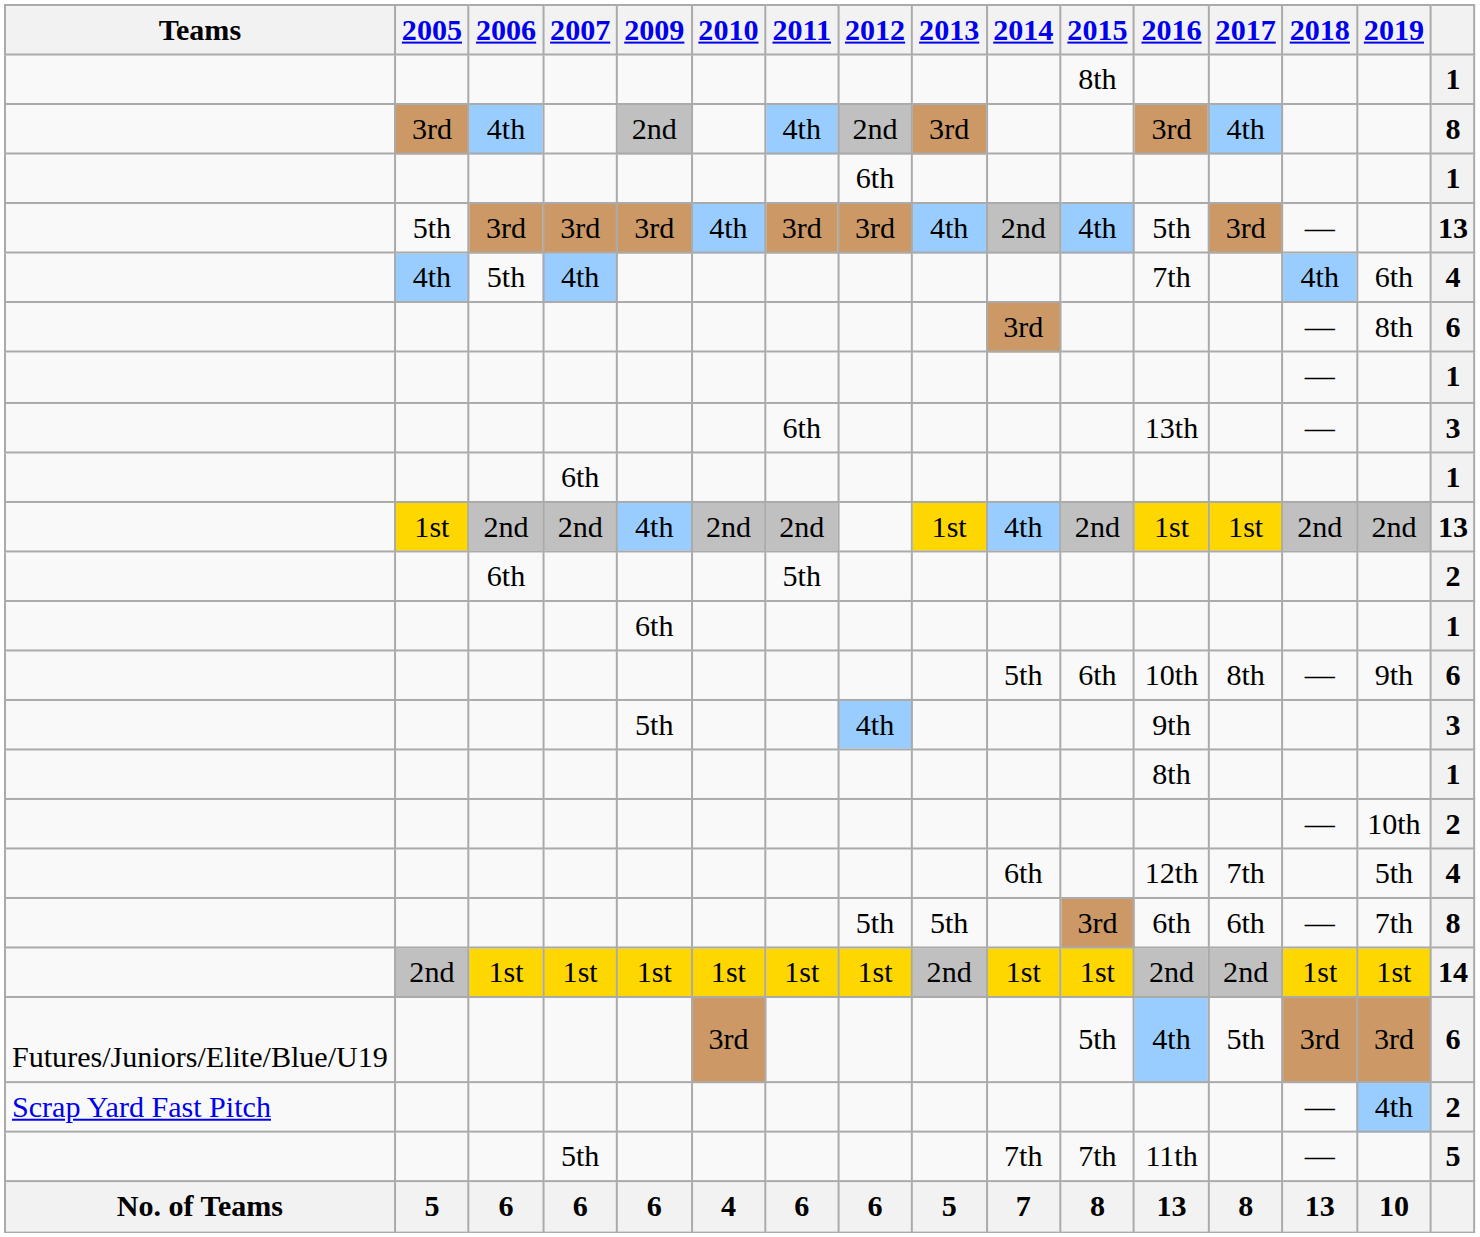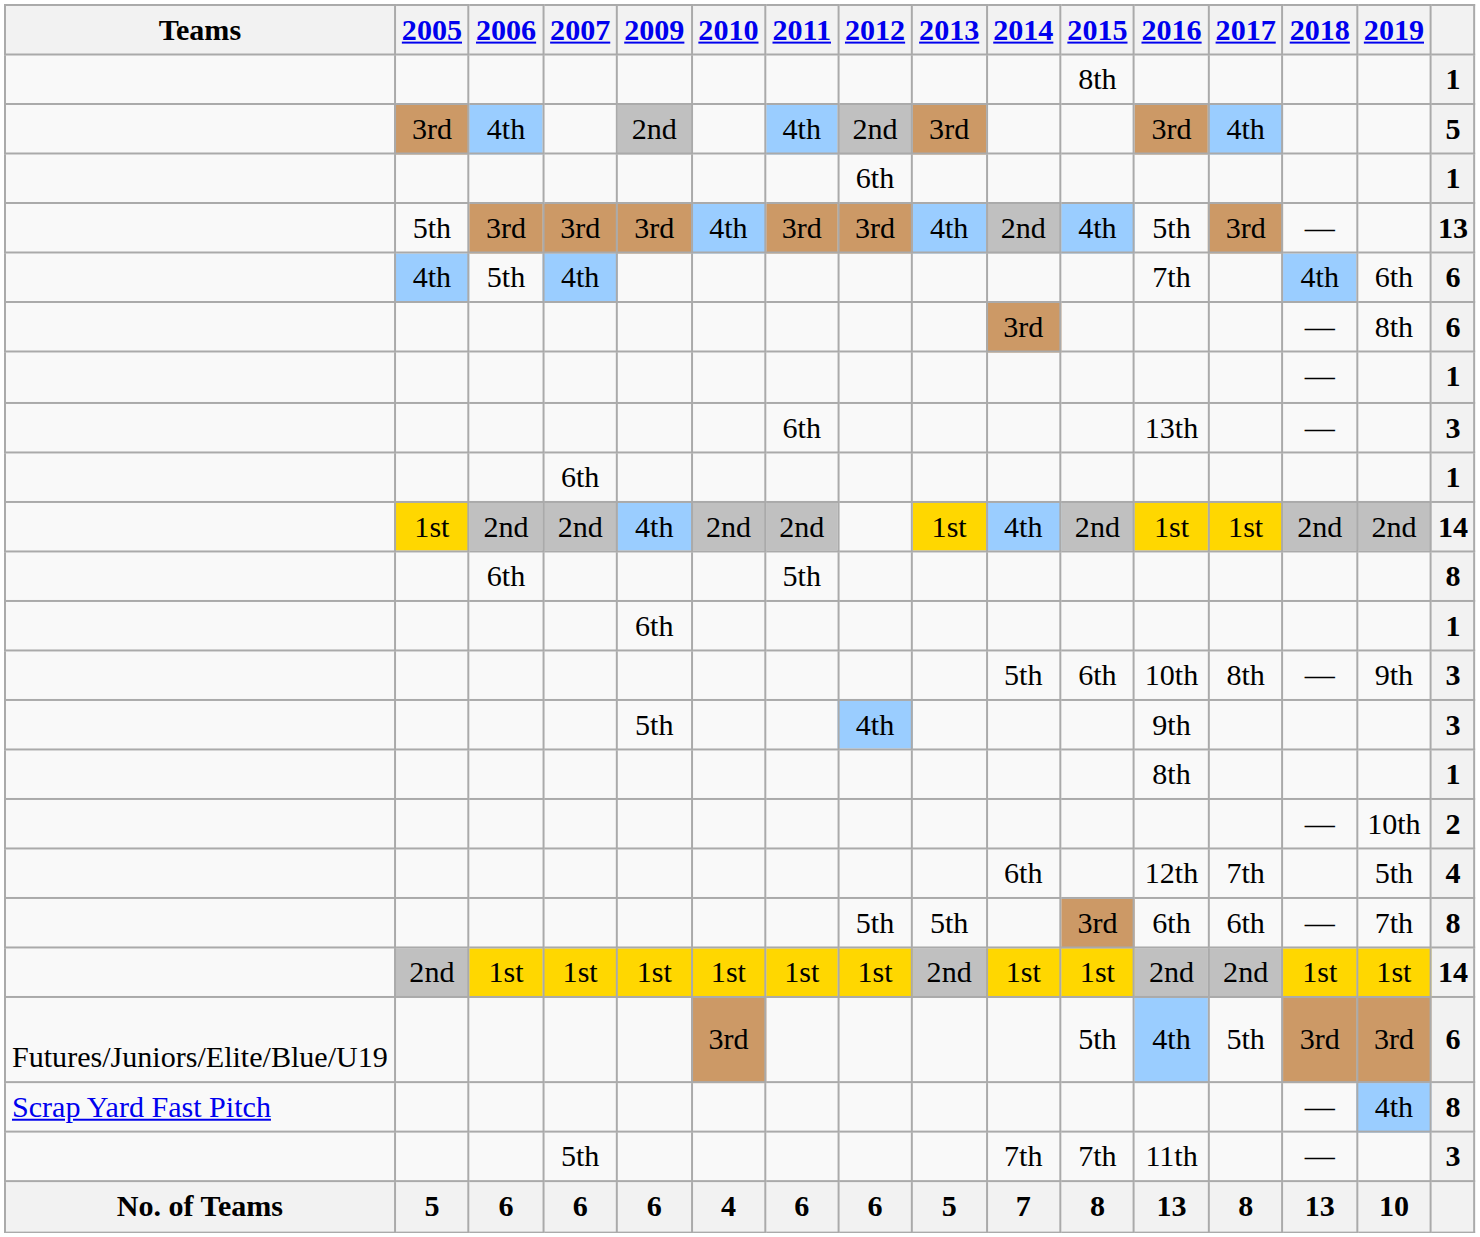 <table class="wikitable" style="font-size:95%; text-align: center;">
 <tr>
 <th>Teams</th>
 <th><a href='#'>2005</a></th>
 <th><a href='#'>2006</a></th>
 <th><a href='#'>2007</a></th>
 <th><a href='#'>2009</a></th>
 <th><a href='#'>2010</a></th>
 <th><a href='#'>2011</a></th>
 <th><a href='#'>2012</a></th>
 <th><a href='#'>2013</a></th>
 <th><a href='#'>2014</a></th>
 <th><a href='#'>2015</a></th>
 <th><a href='#'>2016</a></th>
 <th><a href='#'>2017</a></th>
 <th><a href='#'>2018</a></th>
 <th><a href='#'>2019</a></th>
 <th></th>
 </tr>
 <tr>
 <td align="left"></td>
 <td></td>
 <td></td>
 <td></td>
 <td></td>
 <td></td>
 <td></td>
 <td></td>
 <td></td>
 <td></td>
 <td>8th</td>
 <td></td>
 <td></td>
 <td></td>
 <td></td>
 <th>1</th>
 </tr>
 <tr>
 <td align="left"></td>
 <td style="background:#cc9966;">3rd</td>
 <td bgcolor="#9acdff">4th</td>
 <td></td>
 <td style="background:silver;">2nd</td>
 <td></td>
 <td bgcolor="#9acdff">4th</td>
 <td style="background:silver;">2nd</td>
 <td style="background:#cc9966;">3rd</td>
 <td></td>
 <td></td>
 <td style="background:#cc9966;">3rd</td>
 <td bgcolor="#9acdff">4th</td>
 <td></td>
 <td></td>
-<th>8</th>
+<th>5</th>
 </tr>
 <tr>
 <td align="left"></td>
 <td></td>
 <td></td>
 <td></td>
 <td></td>
 <td></td>
 <td></td>
 <td>6th</td>
 <td></td>
 <td></td>
 <td></td>
 <td></td>
 <td></td>
 <td></td>
 <td></td>
 <th>1</th>
 </tr>
 <tr>
 <td align="left"></td>
 <td>5th</td>
 <td style="background:#cc9966;">3rd</td>
 <td style="background:#cc9966;">3rd</td>
 <td style="background:#cc9966;">3rd</td>
 <td bgcolor="#9acdff">4th</td>
 <td style="background:#cc9966;">3rd</td>
 <td style="background:#cc9966;">3rd</td>
 <td bgcolor="#9acdff">4th</td>
 <td style="background:silver;">2nd</td>
 <td bgcolor="#9acdff">4th</td>
 <td>5th</td>
 <td style="background:#cc9966;">3rd</td>
 <td>—</td>
 <td></td>
 <th>13</th>
 </tr>
 <tr>
 <td align="left"></td>
 <td bgcolor="#9acdff">4th</td>
 <td>5th</td>
 <td bgcolor="#9acdff">4th</td>
 <td></td>
 <td></td>
 <td></td>
 <td></td>
 <td></td>
 <td></td>
 <td></td>
 <td>7th</td>
 <td></td>
 <td bgcolor="#9acdff">4th</td>
 <td>6th</td>
-<th>4</th>
+<th>6</th>
 </tr>
 <tr>
 <td align="left"></td>
 <td></td>
 <td></td>
 <td></td>
 <td></td>
 <td></td>
 <td></td>
 <td></td>
 <td></td>
 <td style="background:#cc9966;">3rd</td>
 <td></td>
 <td></td>
 <td></td>
 <td>—</td>
 <td>8th</td>
 <th>6</th>
 </tr>
 <tr>
 <td align="left"></td>
 <td></td>
 <td></td>
 <td></td>
 <td></td>
 <td></td>
 <td></td>
 <td></td>
 <td></td>
 <td></td>
 <td></td>
 <td></td>
 <td></td>
 <td>—</td>
 <td></td>
 <th>1</th>
 </tr>
 <tr>
 <td align="left"></td>
 <td></td>
 <td></td>
 <td></td>
 <td></td>
 <td></td>
 <td>6th</td>
 <td></td>
 <td></td>
 <td></td>
 <td></td>
 <td>13th</td>
 <td></td>
 <td>—</td>
 <td></td>
 <th>3</th>
 </tr>
 <tr>
 <td align="left"></td>
 <td></td>
 <td></td>
 <td>6th</td>
 <td></td>
 <td></td>
 <td></td>
 <td></td>
 <td></td>
 <td></td>
 <td></td>
 <td></td>
 <td></td>
 <td></td>
 <td></td>
 <th>1</th>
 </tr>
 <tr>
 <td align="left"></td>
 <td style="background:gold;">1st</td>
 <td style="background:silver;">2nd</td>
 <td style="background:silver;">2nd</td>
 <td bgcolor="#9acdff">4th</td>
 <td style="background:silver;">2nd</td>
 <td style="background:silver;">2nd</td>
 <td></td>
 <td style="background:gold;">1st</td>
 <td bgcolor="#9acdff">4th</td>
 <td style="background:silver;">2nd</td>
 <td style="background:gold;">1st</td>
 <td style="background:gold;">1st</td>
 <td style="background:silver;">2nd</td>
 <td style="background:silver;">2nd</td>
-<th>13</th>
+<th>14</th>
 </tr>
 <tr>
 <td align="left"></td>
 <td></td>
 <td>6th</td>
 <td></td>
 <td></td>
 <td></td>
 <td>5th</td>
 <td></td>
 <td></td>
 <td></td>
 <td></td>
 <td></td>
 <td></td>
 <td></td>
 <td></td>
-<th>2</th>
+<th>8</th>
 </tr>
 <tr>
 <td align="left"></td>
 <td></td>
 <td></td>
 <td></td>
 <td>6th</td>
 <td></td>
 <td></td>
 <td></td>
 <td></td>
 <td></td>
 <td></td>
 <td></td>
 <td></td>
 <td></td>
 <td></td>
 <th>1</th>
 </tr>
 <tr>
 <td align="left"></td>
 <td></td>
 <td></td>
 <td></td>
 <td></td>
 <td></td>
 <td></td>
 <td></td>
 <td></td>
 <td>5th</td>
 <td>6th</td>
 <td>10th</td>
 <td>8th</td>
 <td>—</td>
 <td>9th</td>
-<th>6</th>
+<th>3</th>
 </tr>
 <tr>
 <td align="left"></td>
 <td></td>
 <td></td>
 <td></td>
 <td>5th</td>
 <td></td>
 <td></td>
 <td bgcolor="#9acdff">4th</td>
 <td></td>
 <td></td>
 <td></td>
 <td>9th</td>
 <td></td>
 <td></td>
 <td></td>
 <th>3</th>
 </tr>
 <tr>
 <td align="left"></td>
 <td></td>
 <td></td>
 <td></td>
 <td></td>
 <td></td>
 <td></td>
 <td></td>
 <td></td>
 <td></td>
 <td></td>
 <td>8th</td>
 <td></td>
 <td></td>
 <td></td>
 <th>1</th>
 </tr>
 <tr>
 <td align="left"></td>
 <td></td>
 <td></td>
 <td></td>
 <td></td>
 <td></td>
 <td></td>
 <td></td>
 <td></td>
 <td></td>
 <td></td>
 <td></td>
 <td></td>
 <td>—</td>
 <td>10th</td>
 <th>2</th>
 </tr>
 <tr>
 <td align="left"></td>
 <td></td>
 <td></td>
 <td></td>
 <td></td>
 <td></td>
 <td></td>
 <td></td>
 <td></td>
 <td>6th</td>
 <td></td>
 <td>12th</td>
 <td>7th</td>
 <td></td>
 <td>5th</td>
 <th>4</th>
 </tr>
 <tr>
 <td align="left"></td>
 <td></td>
 <td></td>
 <td></td>
 <td></td>
 <td></td>
 <td></td>
 <td>5th</td>
 <td>5th</td>
 <td></td>
 <td style="background:#cc9966;">3rd</td>
 <td>6th</td>
 <td>6th</td>
 <td>—</td>
 <td>7th</td>
 <th>8</th>
 </tr>
 <tr>
 <td align="left"></td>
 <td style="background:silver;">2nd</td>
 <td style="background:gold;">1st</td>
 <td style="background:gold;">1st</td>
 <td style="background:gold;">1st</td>
 <td style="background:gold;">1st</td>
 <td style="background:gold;">1st</td>
 <td style="background:gold;">1st</td>
 <td style="background:silver;">2nd</td>
 <td style="background:gold;">1st</td>
 <td style="background:gold;">1st</td>
 <td style="background:silver;">2nd</td>
 <td style="background:silver;">2nd</td>
 <td style="background:gold;">1st</td>
 <td style="background:gold;">1st</td>
 <th>14</th>
 </tr>
 <tr>
 <td align="left"><br>Futures/Juniors/Elite/Blue/U19</td>
 <td></td>
 <td></td>
 <td></td>
 <td></td>
 <td style="background:#cc9966;">3rd</td>
 <td></td>
 <td></td>
 <td></td>
 <td></td>
 <td>5th</td>
 <td bgcolor="#9acdff">4th</td>
 <td>5th</td>
 <td style="background:#cc9966;">3rd</td>
 <td style="background:#cc9966;">3rd</td>
 <th>6</th>
 </tr>
 <tr>
 <td align="left"> <a href='#'>Scrap Yard Fast Pitch</a></td>
 <td></td>
 <td></td>
 <td></td>
 <td></td>
 <td></td>
 <td></td>
 <td></td>
 <td></td>
 <td></td>
 <td></td>
 <td></td>
 <td></td>
 <td>—</td>
 <td bgcolor="#9acdff">4th</td>
-<th>2</th>
+<th>8</th>
 </tr>
 <tr>
 <td align="left"></td>
 <td></td>
 <td></td>
 <td>5th</td>
 <td></td>
 <td></td>
 <td></td>
 <td></td>
 <td></td>
 <td>7th</td>
 <td>7th</td>
 <td>11th</td>
 <td></td>
 <td>—</td>
 <td></td>
-<th>5</th>
+<th>3</th>
 </tr>
 <tr>
 <th>No. of Teams</th>
 <th>5</th>
 <th>6</th>
 <th>6</th>
 <th>6</th>
 <th>4</th>
 <th>6</th>
 <th>6</th>
 <th>5</th>
 <th>7</th>
 <th>8</th>
 <th>13</th>
 <th>8</th>
 <th>13</th>
 <th>10</th>
 <th></th>
 </tr>
 </table>
